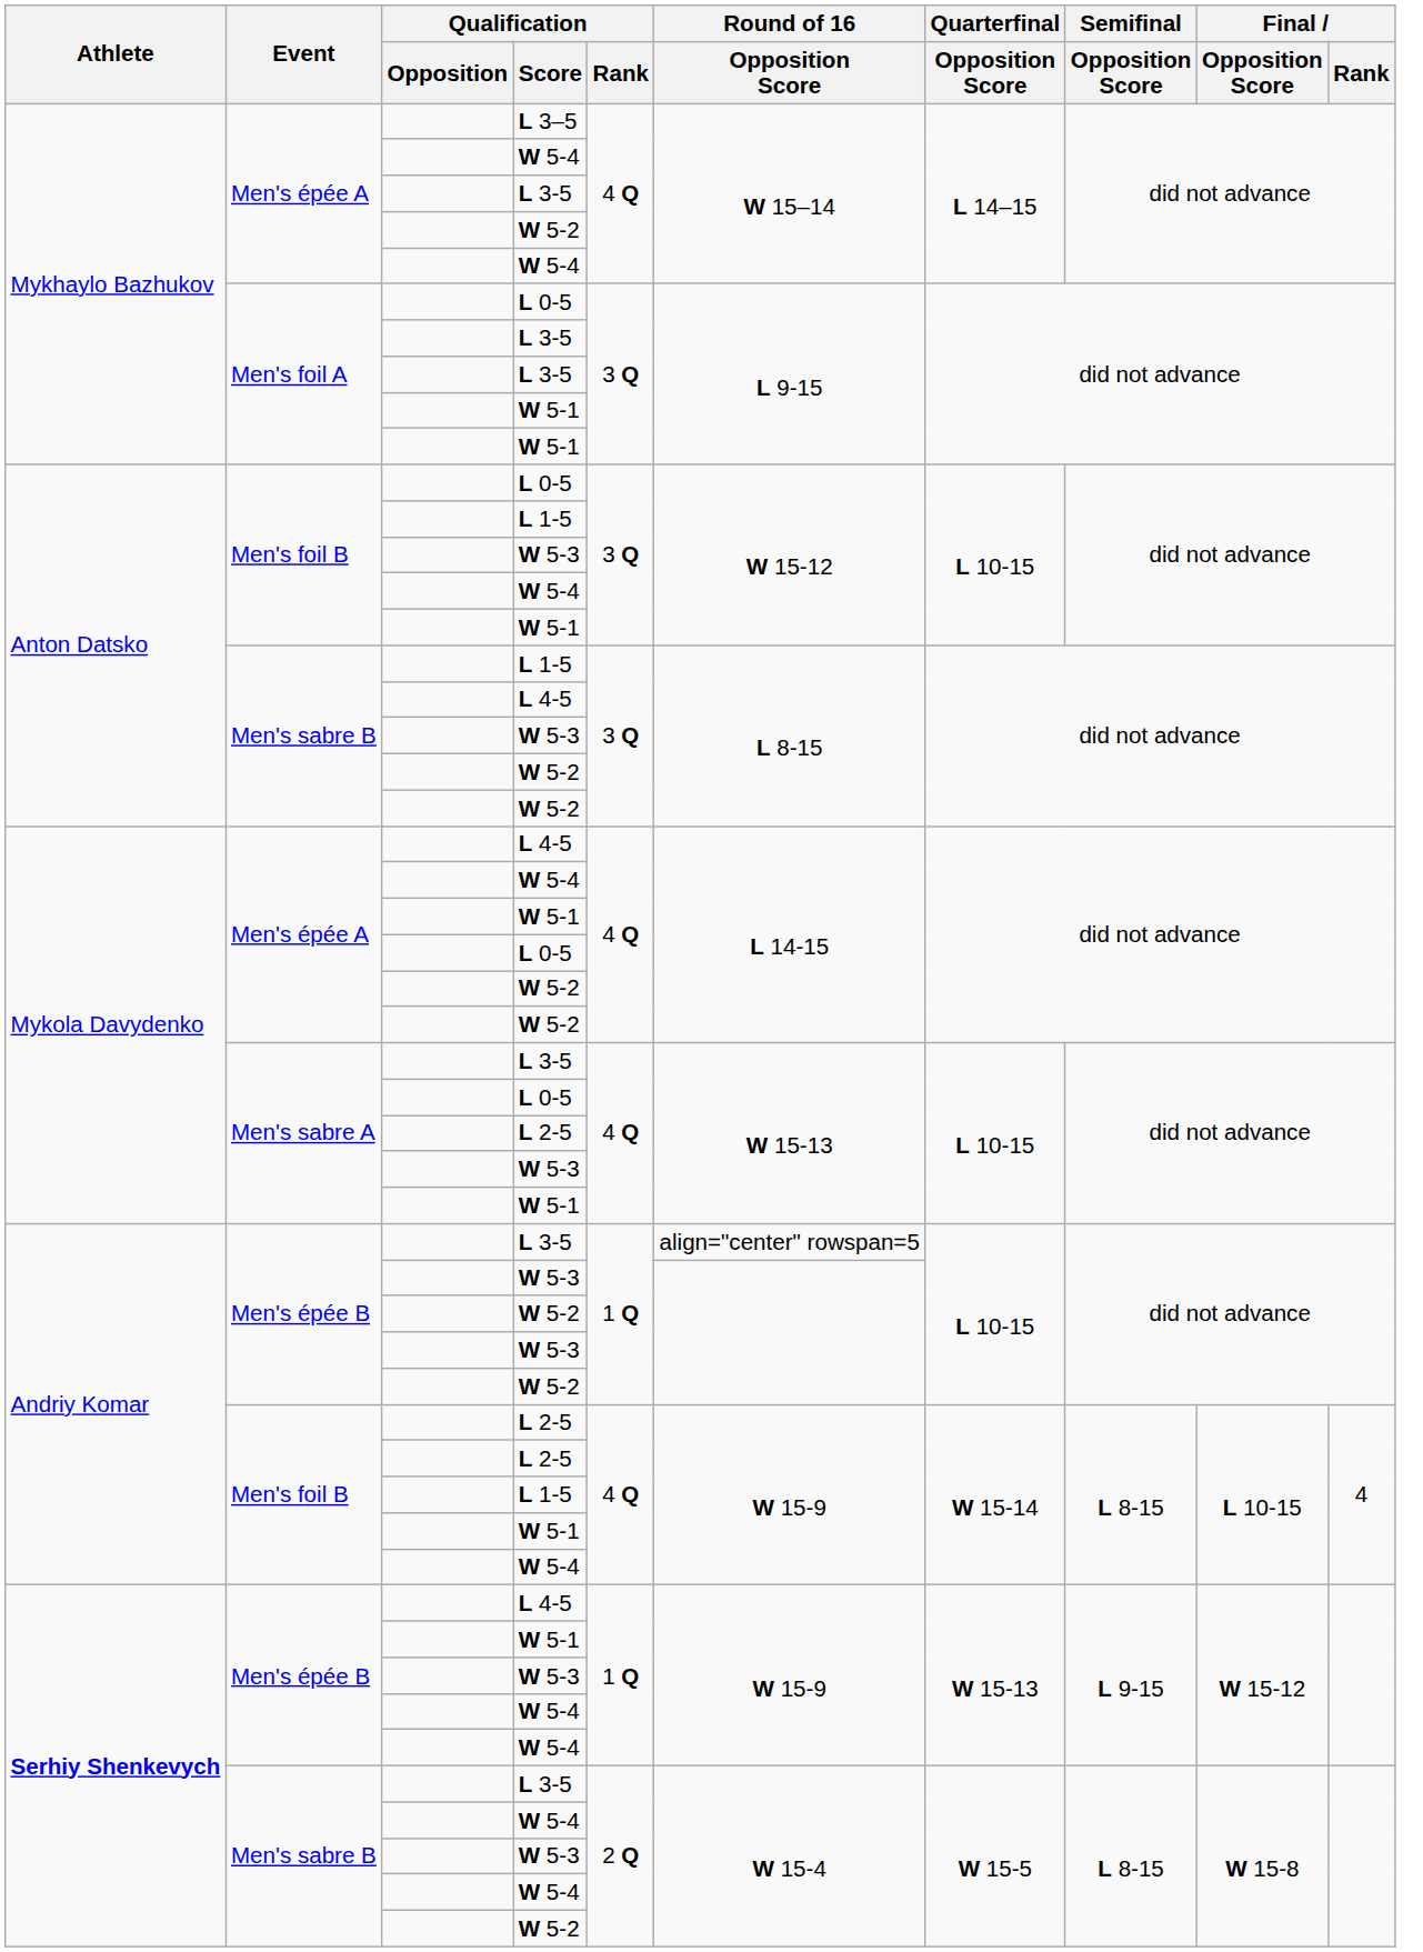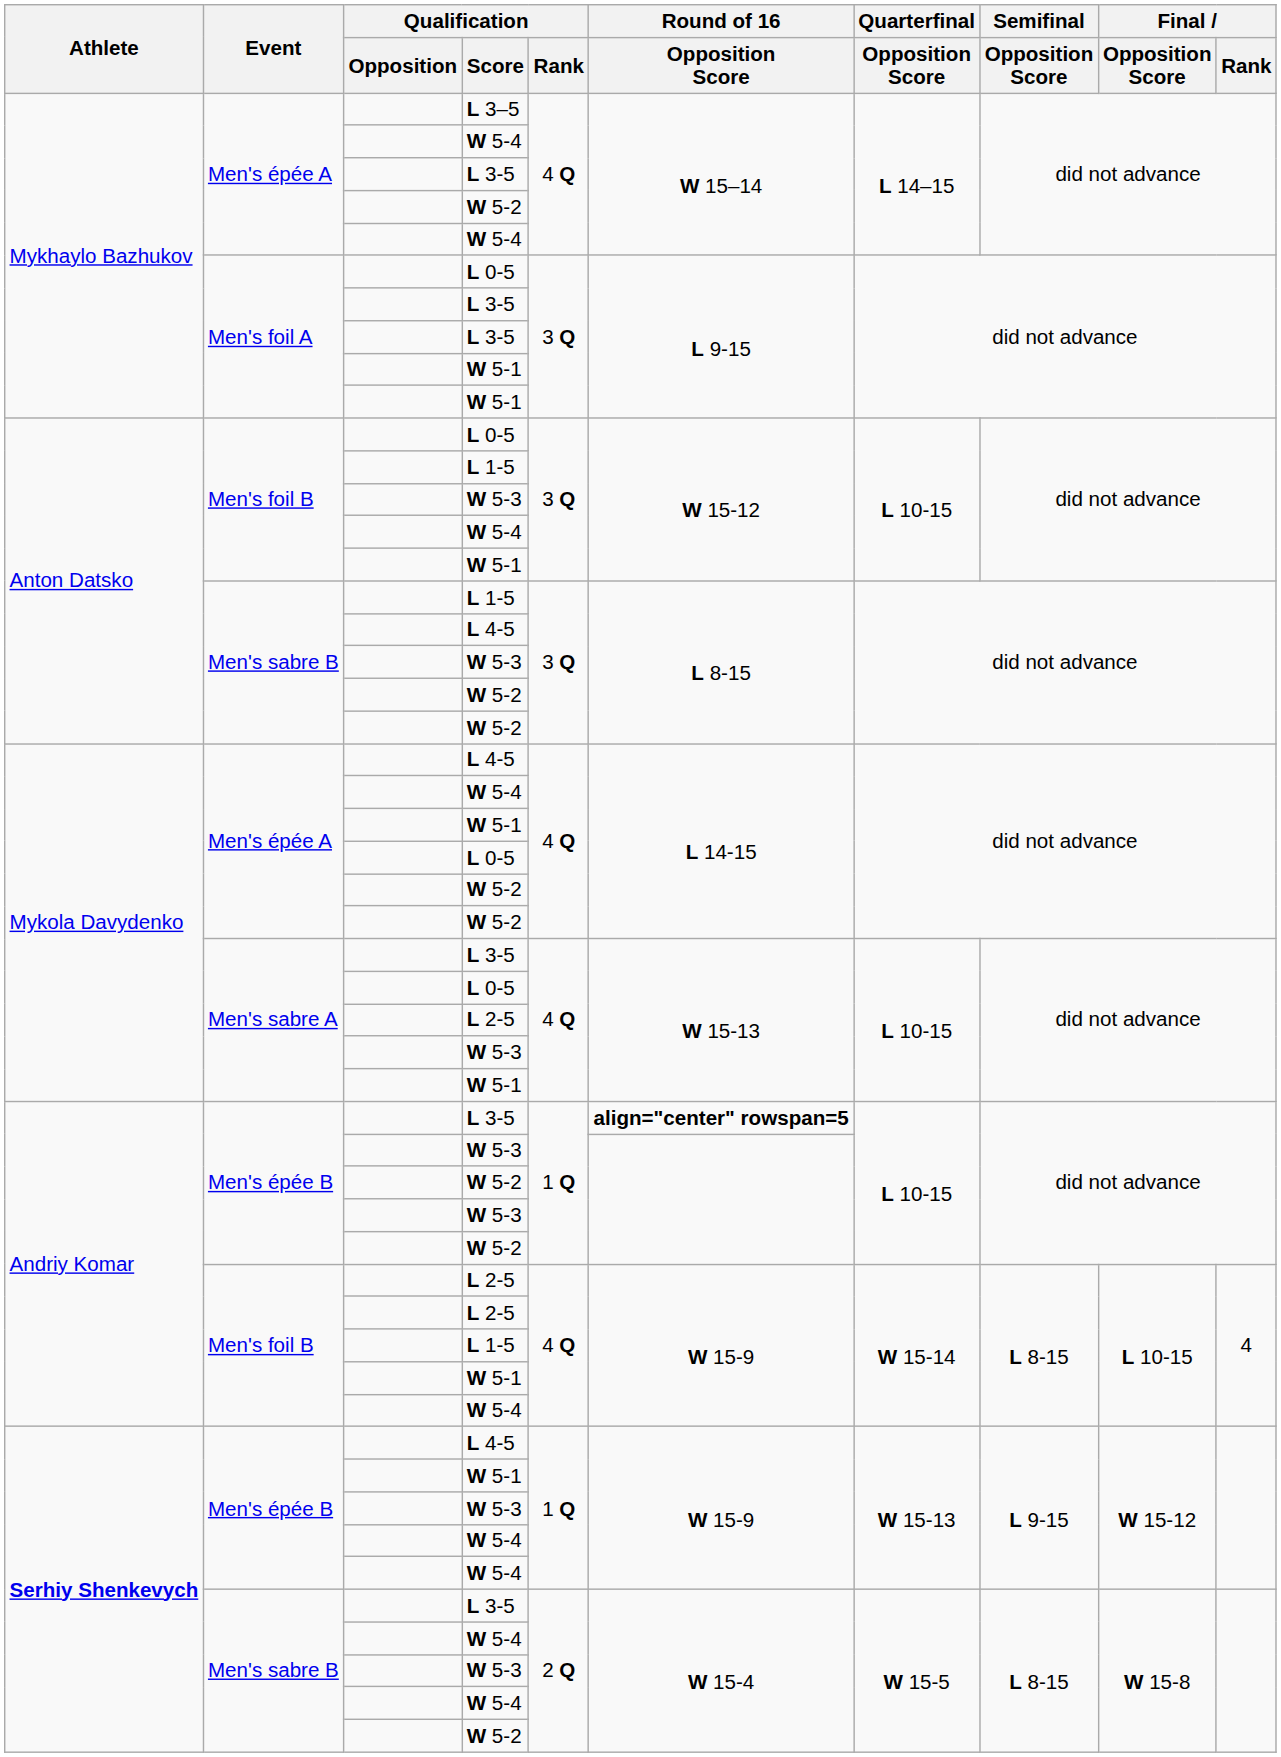 <table class=wikitable style="font-size:90%">
 <tr>
 <th rowspan="2">Athlete</th>
 <th rowspan="2">Event</th>
 <th colspan="3">Qualification</th>
 <th>Round of 16</th>
 <th>Quarterfinal</th>
 <th>Semifinal</th>
 <th colspan="2">Final / </th>
 </tr>
 <tr>
 <th>Opposition</th>
 <th>Score</th>
 <th>Rank</th>
 <th>Opposition<br>Score</th>
 <th>Opposition<br>Score</th>
 <th>Opposition<br>Score</th>
 <th>Opposition<br>Score</th>
 <th>Rank</th>
 </tr>
 <tr>
 <td rowspan=10><a href='#'>Mykhaylo Bazhukov</a></td>
 <td rowspan=5><a href='#'>Men's épée A</a></td>
 <td></td>
 <td><strong>L</strong> 3–5</td>
 <td align="center" rowspan=5>4 <strong>Q</strong></td>
 <td align="center" rowspan=5><br><strong>W</strong> 15–14</td>
 <td align="center" rowspan=5><br><strong>L</strong> 14–15</td>
 <td align="center" rowspan=5 colspan=3>did not advance</td>
 </tr>
 <tr>
 <td></td>
 <td><strong>W</strong> 5-4</td>
 </tr>
 <tr>
 <td></td>
 <td><strong>L</strong> 3-5</td>
 </tr>
 <tr>
 <td></td>
 <td><strong>W</strong> 5-2</td>
 </tr>
 <tr>
 <td></td>
 <td><strong>W</strong> 5-4</td>
 </tr>
 <tr>
 <td rowspan=5><a href='#'>Men's foil A</a></td>
 <td></td>
 <td><strong>L</strong> 0-5</td>
 <td align="center" rowspan=5>3 <strong>Q</strong></td>
 <td align="center" rowspan=5><br><strong>L</strong> 9-15</td>
 <td align="center" rowspan=5 colspan=4>did not advance</td>
 </tr>
 <tr>
 <td></td>
 <td><strong>L</strong> 3-5</td>
 </tr>
 <tr>
 <td></td>
 <td><strong>L</strong> 3-5</td>
 </tr>
 <tr>
 <td></td>
 <td><strong>W</strong> 5-1</td>
 </tr>
 <tr>
 <td></td>
 <td><strong>W</strong> 5-1</td>
 </tr>
 <tr>
 <td rowspan=10><a href='#'>Anton Datsko</a></td>
 <td rowspan=5><a href='#'>Men's foil B</a></td>
 <td></td>
 <td><strong>L</strong> 0-5</td>
 <td align="center" rowspan=5>3 <strong>Q</strong></td>
 <td align="center" rowspan=5><br><strong>W</strong> 15-12</td>
 <td align="center" rowspan=5><br><strong>L</strong> 10-15</td>
 <td align="center" rowspan=5 colspan=3>did not advance</td>
 </tr>
 <tr>
 <td></td>
 <td><strong>L</strong> 1-5</td>
 </tr>
 <tr>
 <td></td>
 <td><strong>W</strong> 5-3</td>
 </tr>
 <tr>
 <td></td>
 <td><strong>W</strong> 5-4</td>
 </tr>
 <tr>
 <td></td>
 <td><strong>W</strong> 5-1</td>
 </tr>
 <tr>
 <td rowspan=5><a href='#'>Men's sabre B</a></td>
 <td></td>
 <td><strong>L</strong> 1-5</td>
 <td align="center" rowspan=5>3 <strong>Q</strong></td>
 <td align="center" rowspan=5><br><strong>L</strong> 8-15</td>
 <td align="center" rowspan=5 colspan=4>did not advance</td>
 </tr>
 <tr>
 <td></td>
 <td><strong>L</strong> 4-5</td>
 </tr>
 <tr>
 <td></td>
 <td><strong>W</strong> 5-3</td>
 </tr>
 <tr>
 <td></td>
 <td><strong>W</strong> 5-2</td>
 </tr>
 <tr>
 <td></td>
 <td><strong>W</strong> 5-2</td>
 </tr>
 <tr>
 <td rowspan=11><a href='#'>Mykola Davydenko</a></td>
 <td rowspan=6><a href='#'>Men's épée A</a></td>
 <td></td>
 <td><strong>L</strong> 4-5</td>
 <td align="center" rowspan=6>4 <strong>Q</strong></td>
 <td align="center" rowspan=6><br><strong>L</strong> 14-15</td>
 <td align="center" rowspan=6 colspan=4>did not advance</td>
 </tr>
 <tr>
 <td></td>
 <td><strong>W</strong> 5-4</td>
 </tr>
 <tr>
 <td></td>
 <td><strong>W</strong> 5-1</td>
 </tr>
 <tr>
 <td></td>
 <td><strong>L</strong> 0-5</td>
 </tr>
 <tr>
 <td></td>
 <td><strong>W</strong> 5-2</td>
 </tr>
 <tr>
 <td></td>
 <td><strong>W</strong> 5-2</td>
 </tr>
 <tr>
 <td rowspan=5><a href='#'>Men's sabre A</a></td>
 <td></td>
 <td><strong>L</strong> 3-5</td>
 <td align="center" rowspan=5>4 <strong>Q</strong></td>
 <td align="center" rowspan=5><br><strong>W</strong> 15-13</td>
 <td align="center" rowspan=5><br><strong>L</strong> 10-15</td>
 <td align="center" rowspan=5 colspan=3>did not advance</td>
 </tr>
 <tr>
 <td></td>
 <td><strong>L</strong> 0-5</td>
 </tr>
 <tr>
 <td></td>
 <td><strong>L</strong> 2-5</td>
 </tr>
 <tr>
 <td></td>
 <td><strong>W</strong> 5-3</td>
 </tr>
 <tr>
 <td></td>
 <td><strong>W</strong> 5-1</td>
 </tr>
 <tr>
 <td rowspan=10><a href='#'>Andriy Komar</a></td>
 <td rowspan=5><a href='#'>Men's épée B</a></td>
 <td></td>
 <td><strong>L</strong> 3-5</td>
 <td align="center" rowspan=5>1 <strong>Q</strong></td>
-<td>align="center" rowspan=5 </td>
+<td><strong>align="center" rowspan=5 </strong></td>
 <td align="center" rowspan=5><br><strong>L</strong> 10-15</td>
 <td align="center" rowspan=5 colspan=3>did not advance</td>
 </tr>
 <tr>
 <td></td>
 <td><strong>W</strong> 5-3</td>
 </tr>
 <tr>
 <td></td>
 <td><strong>W</strong> 5-2</td>
 </tr>
 <tr>
 <td></td>
 <td><strong>W</strong> 5-3</td>
 </tr>
 <tr>
 <td></td>
 <td><strong>W</strong> 5-2</td>
 </tr>
 <tr>
 <td rowspan=5><a href='#'>Men's foil B</a></td>
 <td></td>
 <td><strong>L</strong> 2-5</td>
 <td align="center" rowspan=5>4 <strong>Q</strong></td>
 <td align="center" rowspan=5><br><strong>W</strong> 15-9</td>
 <td align="center" rowspan=5><br><strong>W</strong> 15-14</td>
 <td align="center" rowspan=5><br><strong>L</strong> 8-15</td>
 <td align="center" rowspan=5><br><strong>L</strong> 10-15</td>
 <td align="center" rowspan=5>4</td>
 </tr>
 <tr>
 <td></td>
 <td><strong>L</strong> 2-5</td>
 </tr>
 <tr>
 <td></td>
 <td><strong>L</strong> 1-5</td>
 </tr>
 <tr>
 <td></td>
 <td><strong>W</strong> 5-1</td>
 </tr>
 <tr>
 <td></td>
 <td><strong>W</strong> 5-4</td>
 </tr>
 <tr>
 <td rowspan=10><strong><a href='#'>Serhiy Shenkevych</a></strong></td>
 <td rowspan=5><a href='#'>Men's épée B</a></td>
 <td></td>
 <td><strong>L</strong> 4-5</td>
 <td align="center" rowspan=5>1 <strong>Q</strong></td>
 <td align="center" rowspan=5><br><strong>W</strong> 15-9</td>
 <td align="center" rowspan=5><br><strong>W</strong> 15-13</td>
 <td align="center" rowspan=5><br><strong>L</strong> 9-15</td>
 <td align="center" rowspan=5><br><strong>W</strong> 15-12</td>
 <td align="center" rowspan=5></td>
 </tr>
 <tr>
 <td></td>
 <td><strong>W</strong> 5-1</td>
 </tr>
 <tr>
 <td></td>
 <td><strong>W</strong> 5-3</td>
 </tr>
 <tr>
 <td></td>
 <td><strong>W</strong> 5-4</td>
 </tr>
 <tr>
 <td></td>
 <td><strong>W</strong> 5-4</td>
 </tr>
 <tr>
 <td rowspan=5><a href='#'>Men's sabre B</a></td>
 <td></td>
 <td><strong>L</strong> 3-5</td>
 <td align="center" rowspan=5>2 <strong>Q</strong></td>
 <td align="center" rowspan=5><br><strong>W</strong> 15-4</td>
 <td align="center" rowspan=5><br><strong>W</strong> 15-5</td>
 <td align="center" rowspan=5><br><strong>L</strong> 8-15</td>
 <td align="center" rowspan=5><br><strong>W</strong> 15-8</td>
 <td align="center" rowspan=5></td>
 </tr>
 <tr>
 <td></td>
 <td><strong>W</strong> 5-4</td>
 </tr>
 <tr>
 <td></td>
 <td><strong>W</strong> 5-3</td>
 </tr>
 <tr>
 <td></td>
 <td><strong>W</strong> 5-4</td>
 </tr>
 <tr>
 <td></td>
 <td><strong>W</strong> 5-2</td>
 </tr>
 </table>
